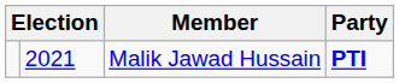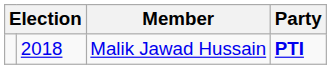 <table class="wikitable">
 <tr>
 <th colspan="2">Election</th>
 <th>Member</th>
 <th>Party</th>
 </tr>
 <tr>
 <td style="background-color: "></td>
-<td><a href='#'>2021</a></td>
+<td><a href='#'>2018</a></td>
 <td><a href='#'>Malik Jawad Hussain</a></td>
 <td><strong><a href='#'>PTI</a></strong></td>
 </tr>
 </table>
